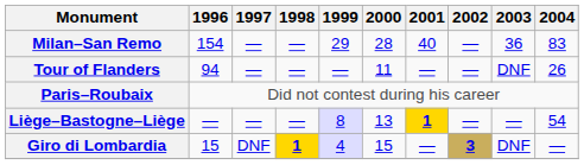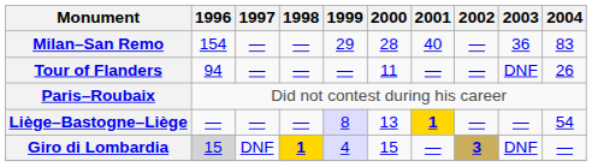 <table class="wikitable plainrowheaders">
 <tr>
 <th>Monument</th>
 <th scope="col">1996</th>
 <th scope="col">1997</th>
 <th scope="col">1998</th>
 <th scope="col">1999</th>
 <th scope="col">2000</th>
 <th scope="col">2001</th>
 <th scope="col">2002</th>
 <th scope="col">2003</th>
 <th scope="col">2004</th>
 </tr>
 <tr style="text-align:center;">
 <th scope="row"><a href='#'>Milan–San Remo</a></th>
 <td><a href='#'>154</a></td>
 <td><a href='#'>—</a></td>
 <td><a href='#'>—</a></td>
 <td><a href='#'>29</a></td>
 <td><a href='#'>28</a></td>
 <td><a href='#'>40</a></td>
 <td><a href='#'>—</a></td>
 <td><a href='#'>36</a></td>
 <td><a href='#'>83</a></td>
 </tr>
 <tr style="text-align:center;">
 <th scope="row"><a href='#'>Tour of Flanders</a></th>
 <td><a href='#'>94</a></td>
 <td><a href='#'>—</a></td>
 <td><a href='#'>—</a></td>
 <td><a href='#'>—</a></td>
 <td><a href='#'>11</a></td>
 <td><a href='#'>—</a></td>
 <td><a href='#'>—</a></td>
 <td><a href='#'>DNF</a></td>
 <td><a href='#'>26</a></td>
 </tr>
 <tr style="text-align:center;">
 <th scope="row"><a href='#'>Paris–Roubaix</a></th>
 <td style="color:#4d4d4d;" colspan=9>Did not contest during his career</td>
 </tr>
 <tr style="text-align:center;">
 <th scope="row"><a href='#'>Liège–Bastogne–Liège</a></th>
 <td><a href='#'>—</a></td>
 <td><a href='#'>—</a></td>
 <td><a href='#'>—</a></td>
 <td style="background:#ddf;"><a href='#'>8</a></td>
 <td><a href='#'>13</a></td>
 <td style="background:gold;"><a href='#'><strong>1</strong></a></td>
 <td><a href='#'>—</a></td>
 <td><a href='#'>—</a></td>
 <td><a href='#'>54</a></td>
 </tr>
 <tr style="text-align:center;">
 <th scope="row"><a href='#'>Giro di Lombardia</a></th>
-<td><a href='#'>15</a></td>
+<td style="background: lightgrey;"><a href='#'>15</a></td>
 <td><a href='#'>DNF</a></td>
 <td style="background:gold;"><a href='#'><strong>1</strong></a></td>
 <td style="background:#ddf;"><a href='#'>4</a></td>
 <td><a href='#'>15</a></td>
 <td><a href='#'>—</a></td>
 <td style="background:#C9AE5D;"><a href='#'><strong>3</strong></a></td>
 <td><a href='#'>DNF</a></td>
 <td><a href='#'>—</a></td>
 </tr>
 <tr>
 </tr>
 </table>
